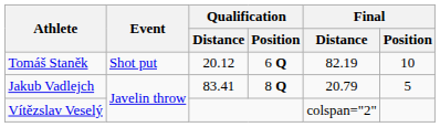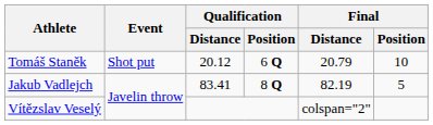 <table class="wikitable" style="font-size:90%">
 <tr>
 <th rowspan="2">Athlete</th>
 <th rowspan="2">Event</th>
 <th colspan="2">Qualification</th>
 <th colspan="2">Final</th>
 </tr>
 <tr>
 <th>Distance</th>
 <th>Position</th>
 <th>Distance</th>
 <th>Position</th>
 </tr>
 <tr style=text-align:center>
 <td style=text-align:left><a href='#'>Tomáš Staněk</a></td>
 <td style=text-align:left><a href='#'>Shot put</a></td>
 <td>20.12</td>
 <td>6 <strong>Q</strong></td>
-<td>82.19</td>
+<td>20.79</td>
 <td>10</td>
 </tr>
 <tr style=text-align:center>
 <td style=text-align:left><a href='#'>Jakub Vadlejch</a></td>
 <td style=text-align:left rowspan="2"><a href='#'>Javelin throw</a></td>
 <td>83.41</td>
 <td>8 <strong>Q</strong></td>
-<td>20.79</td>
+<td>82.19</td>
 <td>5</td>
 </tr>
 <tr style=text-align:center>
 <td style=text-align:left><a href='#'>Vítězslav Veselý</a></td>
 <td colspan="2"></td>
 <td>colspan="2" </td>
 </tr>
 </table>
